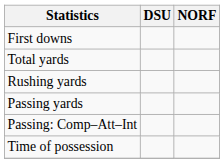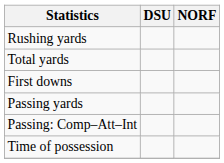 <table class="wikitable" style="float: left;">
 <tr>
 <th>Statistics</th>
 <th>DSU</th>
 <th>NORF</th>
 </tr>
 <tr>
-<td>First downs</td>
+<td>Rushing yards</td>
 <td></td>
 <td></td>
 </tr>
 <tr>
 <td>Total yards</td>
 <td></td>
 <td></td>
 </tr>
 <tr>
-<td>Rushing yards</td>
+<td>First downs</td>
 <td></td>
 <td></td>
 </tr>
 <tr>
 <td>Passing yards</td>
 <td></td>
 <td></td>
 </tr>
 <tr>
 <td>Passing: Comp–Att–Int</td>
 <td></td>
 <td></td>
 </tr>
 <tr>
 <td>Time of possession</td>
 <td></td>
 <td></td>
 </tr>
 <tr>
 </tr>
 </table>
